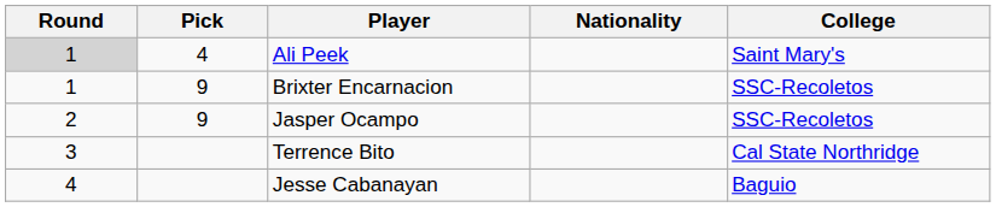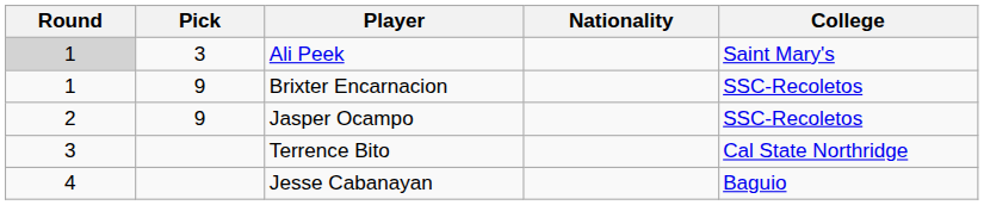 <table class="wikitable sortable sortable">
 <tr>
 <th width="10%">Round</th>
 <th width="10%">Pick</th>
 <th width="20%">Player</th>
 <th width="15%">Nationality</th>
 <th width="20%">College</th>
 </tr>
 <tr>
 <td align="center" style="background: lightgrey;">1</td>
-<td align="center">4</td>
+<td align="center">3</td>
 <td><a href='#'>Ali Peek</a></td>
 <td align="center"></td>
 <td><a href='#'>Saint Mary's</a></td>
 </tr>
 <tr>
 <td align="center">1</td>
 <td align="center">9</td>
 <td>Brixter Encarnacion</td>
 <td align="center"></td>
 <td><a href='#'>SSC-Recoletos</a></td>
 </tr>
 <tr>
 <td align="center">2</td>
 <td align="center">9</td>
 <td>Jasper Ocampo</td>
 <td align="center"></td>
 <td><a href='#'>SSC-Recoletos</a></td>
 </tr>
 <tr>
 <td align="center">3</td>
 <td align="center"></td>
 <td>Terrence Bito</td>
 <td align="center"></td>
 <td><a href='#'>Cal State Northridge</a></td>
 </tr>
 <tr>
 <td align="center">4</td>
 <td align="center"></td>
 <td>Jesse Cabanayan</td>
 <td align="center"></td>
 <td><a href='#'>Baguio</a></td>
 </tr>
 </table>
